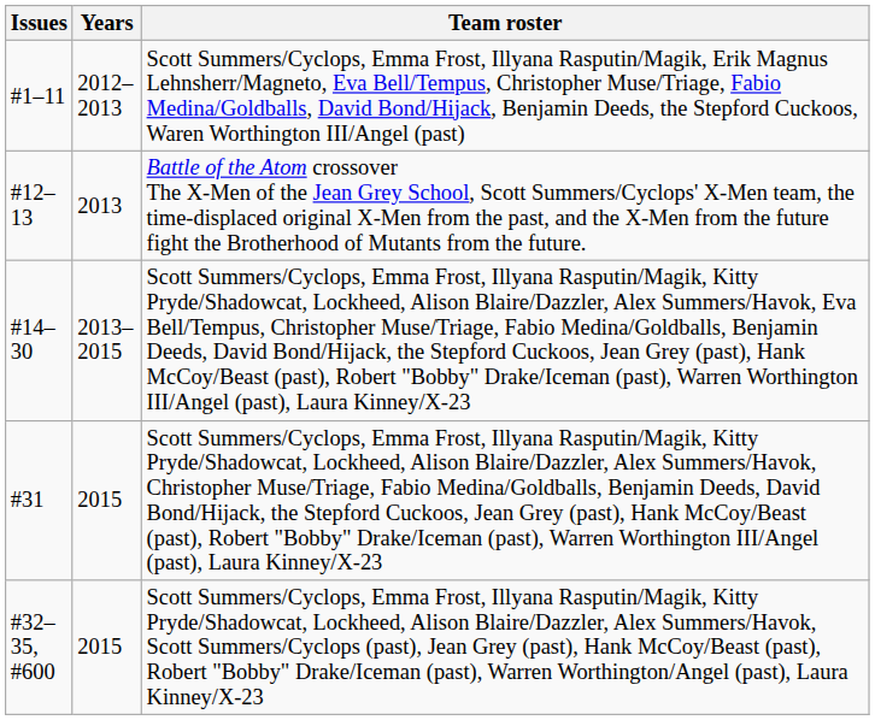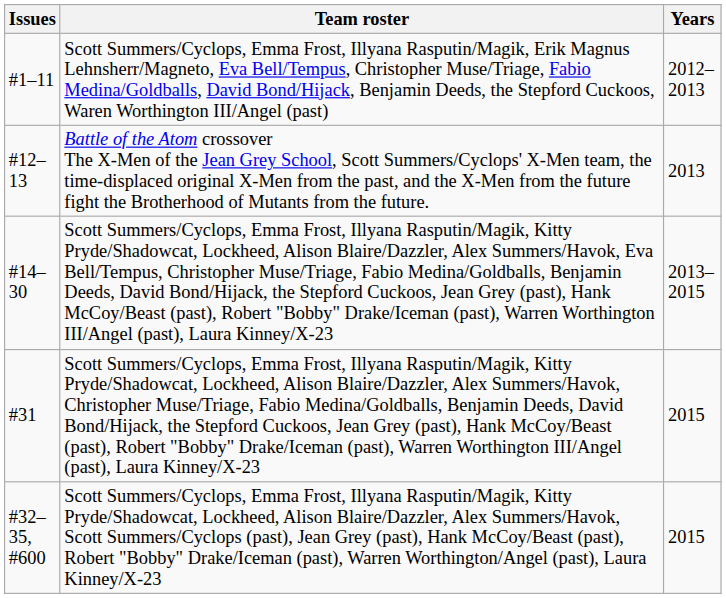 <table class="wikitable" width="100%">
 <tr>
 <th scope="col" width="7%">Issues</th>
+<th scope="col" width="85%">Team roster</th>
 <th scope="col" width="8%">Years</th>
-<th scope="col" width="85%">Team roster</th>
 </tr>
 <tr>
 <td>#1–11</td>
+<td>Scott Summers/Cyclops, Emma Frost, Illyana Rasputin/Magik, Erik Magnus Lehnsherr/Magneto, <a href='#'>Eva Bell/Tempus</a>, Christopher Muse/Triage, <a href='#'>Fabio Medina/Goldballs</a>, <a href='#'>David Bond/Hijack</a>, Benjamin Deeds, the Stepford Cuckoos, Waren Worthington III/Angel (past)</td>
 <td>2012–2013</td>
-<td>Scott Summers/Cyclops, Emma Frost, Illyana Rasputin/Magik, Erik Magnus Lehnsherr/Magneto, <a href='#'>Eva Bell/Tempus</a>, Christopher Muse/Triage, <a href='#'>Fabio Medina/Goldballs</a>, <a href='#'>David Bond/Hijack</a>, Benjamin Deeds, the Stepford Cuckoos, Waren Worthington III/Angel (past)</td>
 </tr>
 <tr>
 <td>#12–13</td>
+<td><em><a href='#'>Battle of the Atom</a></em> crossover<br>The X-Men of the <a href='#'>Jean Grey School</a>, Scott Summers/Cyclops' X-Men team, the time-displaced original X-Men from the past, and the X-Men from the future fight the Brotherhood of Mutants from the future.</td>
 <td>2013</td>
-<td><em><a href='#'>Battle of the Atom</a></em> crossover<br>The X-Men of the <a href='#'>Jean Grey School</a>, Scott Summers/Cyclops' X-Men team, the time-displaced original X-Men from the past, and the X-Men from the future fight the Brotherhood of Mutants from the future.</td>
 </tr>
 <tr>
 <td>#14–30</td>
+<td>Scott Summers/Cyclops, Emma Frost, Illyana Rasputin/Magik, Kitty Pryde/Shadowcat, Lockheed, Alison Blaire/Dazzler, Alex Summers/Havok, Eva Bell/Tempus, Christopher Muse/Triage, Fabio Medina/Goldballs, Benjamin Deeds, David Bond/Hijack, the Stepford Cuckoos, Jean Grey (past), Hank McCoy/Beast (past), Robert "Bobby" Drake/Iceman (past), Warren Worthington III/Angel (past), Laura Kinney/X-23</td>
 <td>2013–2015</td>
-<td>Scott Summers/Cyclops, Emma Frost, Illyana Rasputin/Magik, Kitty Pryde/Shadowcat, Lockheed, Alison Blaire/Dazzler, Alex Summers/Havok, Eva Bell/Tempus, Christopher Muse/Triage, Fabio Medina/Goldballs, Benjamin Deeds, David Bond/Hijack, the Stepford Cuckoos, Jean Grey (past), Hank McCoy/Beast (past), Robert "Bobby" Drake/Iceman (past), Warren Worthington III/Angel (past), Laura Kinney/X-23</td>
 </tr>
 <tr>
 <td>#31</td>
+<td>Scott Summers/Cyclops, Emma Frost, Illyana Rasputin/Magik, Kitty Pryde/Shadowcat, Lockheed, Alison Blaire/Dazzler, Alex Summers/Havok, Christopher Muse/Triage, Fabio Medina/Goldballs, Benjamin Deeds, David Bond/Hijack, the Stepford Cuckoos, Jean Grey (past), Hank McCoy/Beast (past), Robert "Bobby" Drake/Iceman (past), Warren Worthington III/Angel (past), Laura Kinney/X-23</td>
 <td>2015</td>
-<td>Scott Summers/Cyclops, Emma Frost, Illyana Rasputin/Magik, Kitty Pryde/Shadowcat, Lockheed, Alison Blaire/Dazzler, Alex Summers/Havok, Christopher Muse/Triage, Fabio Medina/Goldballs, Benjamin Deeds, David Bond/Hijack, the Stepford Cuckoos, Jean Grey (past), Hank McCoy/Beast (past), Robert "Bobby" Drake/Iceman (past), Warren Worthington III/Angel (past), Laura Kinney/X-23</td>
 </tr>
 <tr>
 <td>#32–35, #600</td>
+<td>Scott Summers/Cyclops, Emma Frost, Illyana Rasputin/Magik, Kitty Pryde/Shadowcat, Lockheed, Alison Blaire/Dazzler, Alex Summers/Havok, Scott Summers/Cyclops (past), Jean Grey (past), Hank McCoy/Beast (past), Robert "Bobby" Drake/Iceman (past), Warren Worthington/Angel (past), Laura Kinney/X-23</td>
 <td>2015</td>
-<td>Scott Summers/Cyclops, Emma Frost, Illyana Rasputin/Magik, Kitty Pryde/Shadowcat, Lockheed, Alison Blaire/Dazzler, Alex Summers/Havok, Scott Summers/Cyclops (past), Jean Grey (past), Hank McCoy/Beast (past), Robert "Bobby" Drake/Iceman (past), Warren Worthington/Angel (past), Laura Kinney/X-23</td>
 </tr>
 </table>
